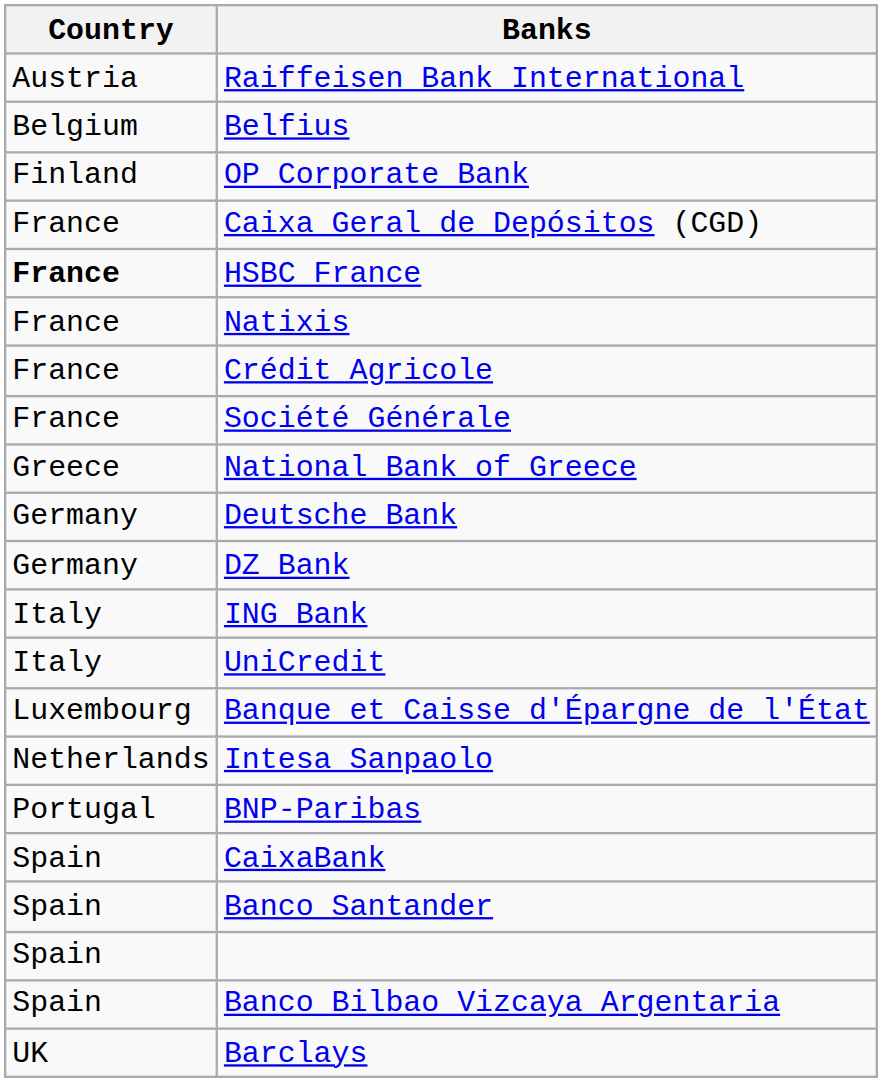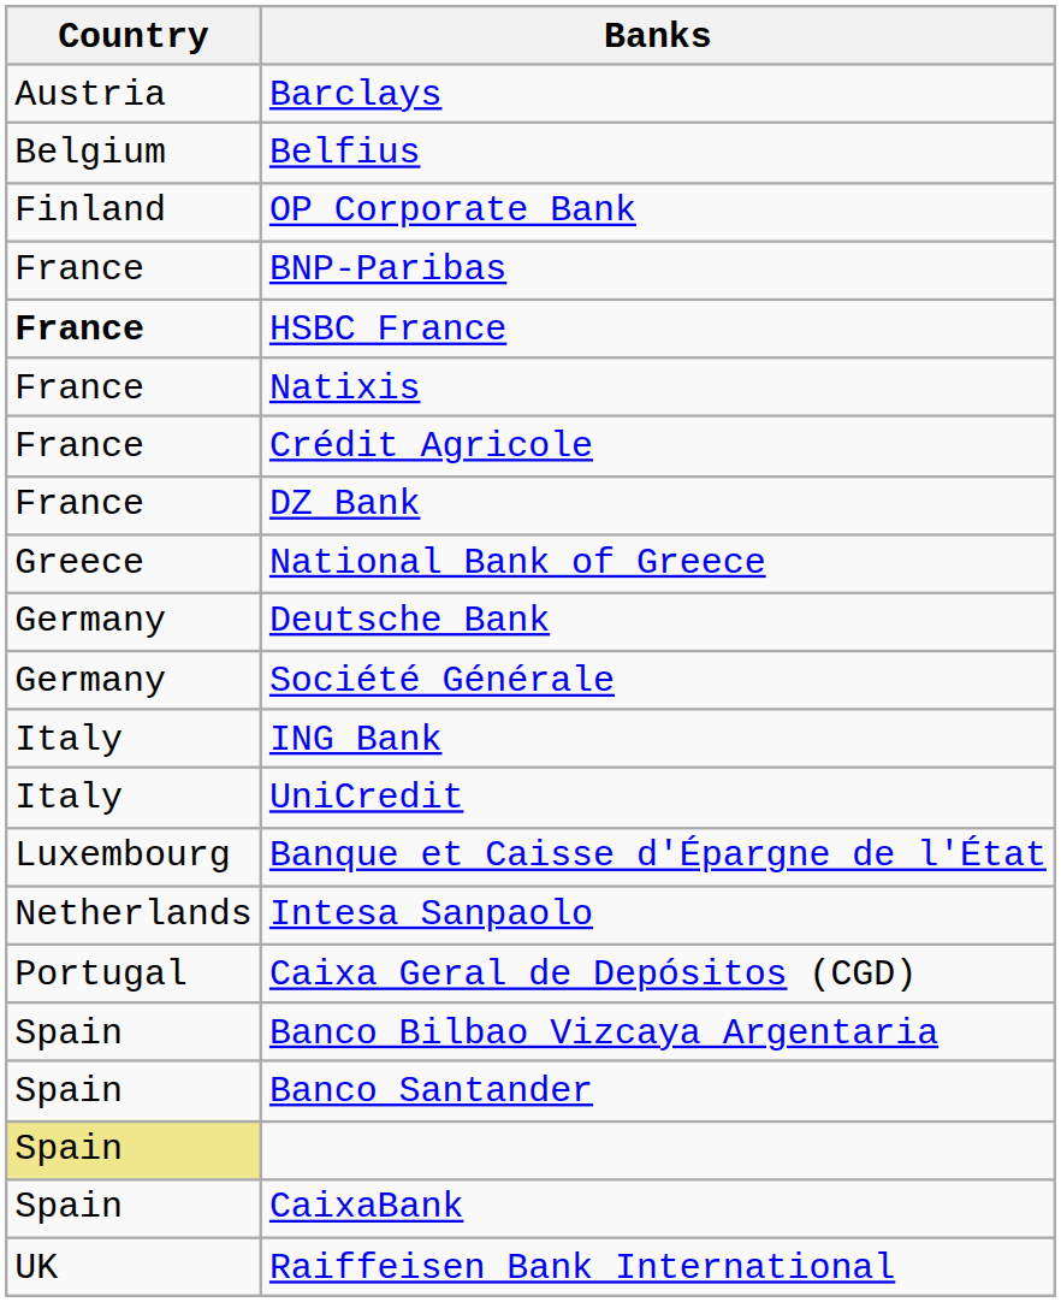 <table class="wikitable">
 <tr>
 <th>Country</th>
 <th>Banks</th>
 </tr>
 <tr valign="top">
 <td>Austria</td>
-<td><a href='#'>Raiffeisen Bank International</a></td>
+<td><a href='#'>Barclays</a></td>
 </tr>
 <tr>
 <td>Belgium</td>
 <td><a href='#'>Belfius</a></td>
 </tr>
 <tr>
 <td>Finland</td>
 <td><a href='#'>OP Corporate Bank</a></td>
 </tr>
 <tr>
 <td>France</td>
-<td><a href='#'>Caixa Geral de Depósitos</a> (CGD)</td>
+<td><a href='#'>BNP-Paribas</a></td>
 </tr>
 <tr>
 <td><strong>France</strong></td>
 <td><a href='#'>HSBC France</a></td>
 </tr>
 <tr>
 <td>France</td>
 <td><a href='#'>Natixis</a></td>
 </tr>
 <tr>
 <td>France</td>
 <td><a href='#'>Crédit Agricole</a></td>
 </tr>
 <tr>
 <td>France</td>
-<td><a href='#'>Société Générale</a></td>
+<td><a href='#'>DZ Bank</a></td>
 </tr>
 <tr>
 <td>Greece</td>
 <td><a href='#'>National Bank of Greece</a></td>
 </tr>
 <tr>
 <td>Germany</td>
 <td><a href='#'>Deutsche Bank</a></td>
 </tr>
 <tr>
 <td>Germany</td>
-<td><a href='#'>DZ Bank</a></td>
+<td><a href='#'>Société Générale</a></td>
 </tr>
 <tr>
 <td>Italy</td>
 <td><a href='#'>ING Bank</a></td>
 </tr>
 <tr>
 <td>Italy</td>
 <td><a href='#'>UniCredit</a></td>
 </tr>
 <tr>
 <td>Luxembourg</td>
 <td><a href='#'>Banque et Caisse d'Épargne de l'État</a></td>
 </tr>
 <tr>
 <td>Netherlands</td>
 <td><a href='#'>Intesa Sanpaolo</a></td>
 </tr>
 <tr>
 <td>Portugal</td>
-<td><a href='#'>BNP-Paribas</a></td>
+<td><a href='#'>Caixa Geral de Depósitos</a> (CGD)</td>
+</tr>
+<tr>
+<td>Spain</td>
+<td><a href='#'>Banco Bilbao Vizcaya Argentaria</a></td>
+</tr>
+<tr>
+<td>Spain</td>
+<td><a href='#'>Banco Santander</a></td>
+</tr>
+<tr>
+<td style="background: khaki;">Spain</td>
+<td></td>
 </tr>
 <tr>
 <td>Spain</td>
 <td><a href='#'>CaixaBank</a></td>
 </tr>
 <tr>
-<td>Spain</td>
-<td><a href='#'>Banco Santander</a></td>
-</tr>
-<tr>
-<td>Spain</td>
-<td></td>
-</tr>
-<tr>
-<td>Spain</td>
-<td><a href='#'>Banco Bilbao Vizcaya Argentaria</a></td>
-</tr>
-<tr>
 <td>UK</td>
-<td><a href='#'>Barclays</a></td>
+<td><a href='#'>Raiffeisen Bank International</a></td>
 </tr>
 <tr>
 </tr>
 </table>
